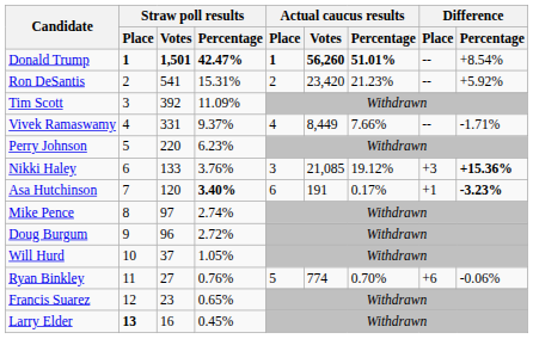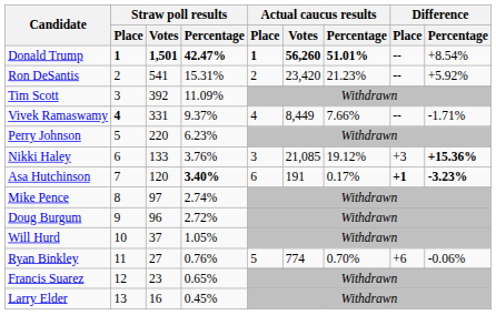 <table class="wikitable plainrowheaders sortable" style="margin:auto;">
 <tr>
 <th rowspan=2>Candidate</th>
 <th colspan=3>Straw poll results</th>
 <th colspan=3>Actual caucus results</th>
 <th colspan=2>Difference</th>
 </tr>
 <tr>
 <th>Place</th>
 <th>Votes</th>
 <th>Percentage</th>
 <th>Place</th>
 <th>Votes</th>
 <th>Percentage</th>
 <th>Place</th>
 <th>Percentage</th>
 </tr>
 <tr>
 <td><a href='#'>Donald Trump</a></td>
 <td><strong>1</strong></td>
 <td><strong>1,501</strong></td>
 <td><strong>42.47%</strong></td>
 <td><strong>1</strong></td>
 <td><strong>56,260</strong></td>
 <td><strong>51.01%</strong></td>
 <td>--</td>
 <td>+8.54%</td>
 </tr>
 <tr>
 <td><a href='#'>Ron DeSantis</a></td>
 <td>2</td>
 <td>541</td>
 <td>15.31%</td>
 <td>2</td>
 <td>23,420</td>
 <td>21.23%</td>
 <td>--</td>
 <td>+5.92%</td>
 </tr>
 <tr>
 <td><a href='#'>Tim Scott</a></td>
 <td>3</td>
 <td>392</td>
 <td>11.09%</td>
 <td style="text-align:center; background:silver;" colspan=5><em>Withdrawn</em></td>
 </tr>
 <tr>
 <td><a href='#'>Vivek Ramaswamy</a></td>
-<td>4</td>
+<td><strong>4</strong></td>
 <td>331</td>
 <td>9.37%</td>
 <td>4</td>
 <td>8,449</td>
 <td>7.66%</td>
 <td>--</td>
 <td>-1.71%</td>
 </tr>
 <tr>
 <td><a href='#'>Perry Johnson</a></td>
 <td>5</td>
 <td>220</td>
 <td>6.23%</td>
 <td style="text-align:center; background:silver;" colspan=5><em>Withdrawn</em></td>
 </tr>
 <tr>
 <td><a href='#'>Nikki Haley</a></td>
 <td>6</td>
 <td>133</td>
 <td>3.76%</td>
 <td>3</td>
 <td>21,085</td>
 <td>19.12%</td>
 <td>+3</td>
 <td><strong>+15.36%</strong></td>
 </tr>
 <tr>
 <td><a href='#'>Asa Hutchinson</a></td>
 <td>7</td>
 <td>120</td>
 <td><strong>3.40%</strong></td>
 <td>6</td>
 <td>191</td>
 <td>0.17%</td>
-<td>+1</td>
+<td><strong>+1</strong></td>
 <td><strong>-3.23%</strong></td>
 </tr>
 <tr>
 <td><a href='#'>Mike Pence</a></td>
 <td>8</td>
 <td>97</td>
 <td>2.74%</td>
 <td style="text-align:center; background:silver;" colspan=5><em>Withdrawn</em></td>
 </tr>
 <tr>
 <td><a href='#'>Doug Burgum</a></td>
 <td>9</td>
 <td>96</td>
 <td>2.72%</td>
 <td style="text-align:center; background:silver;" colspan=5><em>Withdrawn</em></td>
 </tr>
 <tr>
 <td><a href='#'>Will Hurd</a></td>
 <td>10</td>
 <td>37</td>
 <td>1.05%</td>
 <td style="text-align:center; background:silver;" colspan=5><em>Withdrawn</em></td>
 </tr>
 <tr>
 <td><a href='#'>Ryan Binkley</a></td>
 <td>11</td>
 <td>27</td>
 <td>0.76%</td>
 <td>5</td>
 <td>774</td>
 <td>0.70%</td>
 <td>+6</td>
 <td>-0.06%</td>
 </tr>
 <tr>
 <td><a href='#'>Francis Suarez</a></td>
 <td>12</td>
 <td>23</td>
 <td>0.65%</td>
 <td style="text-align:center; background:silver;" colspan=5><em>Withdrawn</em></td>
 </tr>
 <tr>
 <td><a href='#'>Larry Elder</a></td>
-<td><strong>13</strong></td>
+<td>13</td>
 <td>16</td>
 <td>0.45%</td>
 <td style="text-align:center; background:silver;" colspan=5><em>Withdrawn</em></td>
 </tr>
 </table>
